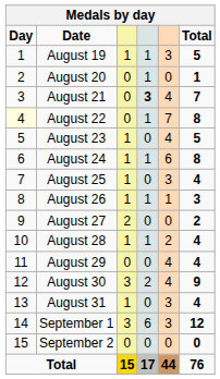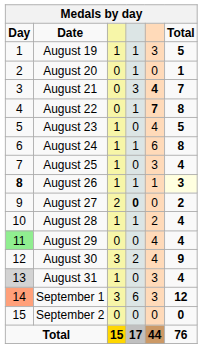 <table class=wikitable style="font-size:85%; float:right;text-align:center">
 <tr>
 <th colspan=7>Medals by day</th>
 </tr>
 <tr>
 <td><strong>Day</strong></td>
 <td><strong>Date</strong></td>
 <td bgcolor=F7F6A8></td>
 <td bgcolor=DCE5E5></td>
 <td bgcolor=FFDAB9></td>
 <td><strong>Total</strong></td>
 </tr>
 <tr>
 <td>1</td>
 <td>August 19</td>
 <td bgcolor=F7F6A8>1</td>
 <td bgcolor=DCE5E5>1</td>
 <td bgcolor=FFDAB9>3</td>
 <td><strong>5</strong></td>
 </tr>
 <tr>
 <td>2</td>
 <td>August 20</td>
 <td bgcolor=F7F6A8>0</td>
 <td bgcolor=DCE5E5>1</td>
 <td bgcolor=FFDAB9>0</td>
 <td><strong>1</strong></td>
 </tr>
 <tr>
 <td>3</td>
 <td>August 21</td>
 <td bgcolor=F7F6A8>0</td>
-<td bgcolor=DCE5E5><strong>3</strong></td>
-<td bgcolor=FFDAB9>4</td>
+<td bgcolor=DCE5E5>3</td>
+<td bgcolor=FFDAB9><strong>4</strong></td>
 <td><strong>7</strong></td>
 </tr>
 <tr>
-<td style="background: lightyellow;">4</td>
+<td>4</td>
 <td>August 22</td>
 <td bgcolor=F7F6A8>0</td>
 <td bgcolor=DCE5E5>1</td>
-<td bgcolor=FFDAB9>7</td>
+<td bgcolor=FFDAB9><strong>7</strong></td>
 <td><strong>8</strong></td>
 </tr>
 <tr>
 <td>5</td>
 <td>August 23</td>
 <td bgcolor=F7F6A8>1</td>
 <td bgcolor=DCE5E5>0</td>
 <td bgcolor=FFDAB9>4</td>
 <td><strong>5</strong></td>
 </tr>
 <tr>
 <td>6</td>
 <td>August 24</td>
 <td bgcolor=F7F6A8>1</td>
 <td bgcolor=DCE5E5>1</td>
 <td bgcolor=FFDAB9>6</td>
 <td><strong>8</strong></td>
 </tr>
 <tr>
 <td>7</td>
 <td>August 25</td>
 <td bgcolor=F7F6A8>1</td>
 <td bgcolor=DCE5E5>0</td>
 <td bgcolor=FFDAB9>3</td>
 <td><strong>4</strong></td>
 </tr>
 <tr>
-<td>8</td>
+<td><strong>8</strong></td>
 <td>August 26</td>
 <td bgcolor=F7F6A8>1</td>
 <td bgcolor=DCE5E5>1</td>
 <td bgcolor=FFDAB9>1</td>
-<td><strong>3</strong></td>
+<td style="background: lightyellow;"><strong>3</strong></td>
 </tr>
 <tr>
 <td>9</td>
 <td>August 27</td>
 <td bgcolor=F7F6A8>2</td>
-<td bgcolor=DCE5E5>0</td>
+<td bgcolor=DCE5E5><strong>0</strong></td>
 <td bgcolor=FFDAB9>0</td>
 <td><strong>2</strong></td>
 </tr>
 <tr>
 <td>10</td>
 <td>August 28</td>
 <td bgcolor=F7F6A8>1</td>
 <td bgcolor=DCE5E5>1</td>
 <td bgcolor=FFDAB9>2</td>
 <td><strong>4</strong></td>
 </tr>
 <tr>
-<td>11</td>
+<td style="background: lightgreen;">11</td>
 <td>August 29</td>
 <td bgcolor=F7F6A8>0</td>
 <td bgcolor=DCE5E5>0</td>
 <td bgcolor=FFDAB9>4</td>
 <td><strong>4</strong></td>
 </tr>
 <tr>
 <td>12</td>
 <td>August 30</td>
 <td bgcolor=F7F6A8>3</td>
 <td bgcolor=DCE5E5>2</td>
 <td bgcolor=FFDAB9>4</td>
 <td><strong>9</strong></td>
 </tr>
 <tr>
-<td>13</td>
+<td style="background: lightgrey;">13</td>
 <td>August 31</td>
 <td bgcolor=F7F6A8>1</td>
 <td bgcolor=DCE5E5>0</td>
 <td bgcolor=FFDAB9>3</td>
 <td><strong>4</strong></td>
 </tr>
 <tr>
-<td>14</td>
+<td style="background: lightsalmon;">14</td>
 <td>September 1</td>
 <td bgcolor=F7F6A8>3</td>
 <td bgcolor=DCE5E5>6</td>
 <td bgcolor=FFDAB9>3</td>
 <td><strong>12</strong></td>
 </tr>
 <tr>
 <td>15</td>
 <td>September 2</td>
 <td bgcolor=F7F6A8>0</td>
 <td bgcolor=DCE5E5>0</td>
 <td bgcolor=FFDAB9>0</td>
 <td><strong>0</strong></td>
 </tr>
 <tr>
 <td colspan=2><strong>Total</strong></td>
 <td style="background:gold;"><strong>15</strong></td>
 <td style="background:silver;"><strong>17</strong></td>
 <td style="background:#c96;"><strong>44</strong></td>
 <td><strong>76</strong></td>
 </tr>
 </table>
